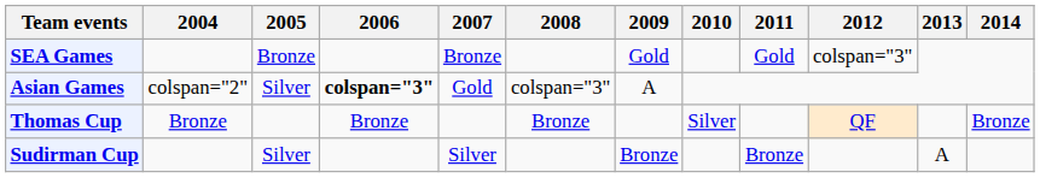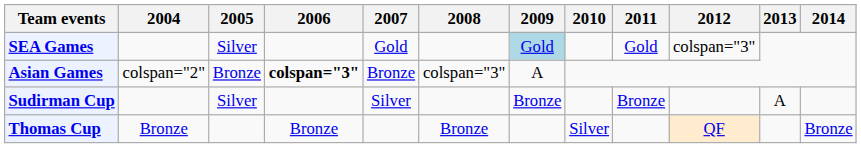 <table class="wikitable" style="font-size: 90%; text-align:center">
 <tr>
 <th>Team events</th>
 <th>2004</th>
 <th>2005</th>
 <th>2006</th>
 <th>2007</th>
 <th>2008</th>
 <th>2009</th>
 <th>2010</th>
 <th>2011</th>
 <th>2012</th>
 <th>2013</th>
 <th>2014</th>
 </tr>
 <tr>
 <td bgcolor="#ECF2FF"; align="left"><strong><a href='#'>SEA Games</a></strong></td>
 <td></td>
-<td> <a href='#'>Bronze</a></td>
-<td></td>
-<td> <a href='#'>Bronze</a></td>
+<td> <a href='#'>Silver</a></td>
 <td></td>
 <td> <a href='#'>Gold</a></td>
+<td></td>
+<td style="background: lightblue;"> <a href='#'>Gold</a></td>
 <td></td>
 <td> <a href='#'>Gold</a></td>
 <td>colspan="3" </td>
 </tr>
 <tr>
 <td bgcolor="#ECF2FF"; align="left"><strong><a href='#'>Asian Games</a></strong></td>
 <td>colspan="2" </td>
-<td> <a href='#'>Silver</a></td>
+<td> <a href='#'>Bronze</a></td>
 <td><strong>colspan="3" </strong></td>
-<td> <a href='#'>Gold</a></td>
+<td> <a href='#'>Bronze</a></td>
 <td>colspan="3" </td>
 <td>A</td>
+</tr>
+<tr>
+<td bgcolor="#ECF2FF"; align="left"><strong><a href='#'>Sudirman Cup</a></strong></td>
+<td></td>
+<td> <a href='#'>Silver</a></td>
+<td></td>
+<td> <a href='#'>Silver</a></td>
+<td></td>
+<td> <a href='#'>Bronze</a></td>
+<td></td>
+<td> <a href='#'>Bronze</a></td>
+<td></td>
+<td>A</td>
+<td></td>
 </tr>
 <tr>
 <td bgcolor="#ECF2FF"; align="left"><strong><a href='#'>Thomas Cup</a></strong></td>
 <td> <a href='#'>Bronze</a></td>
 <td></td>
 <td> <a href='#'>Bronze</a></td>
 <td></td>
 <td> <a href='#'>Bronze</a></td>
 <td></td>
 <td> <a href='#'>Silver</a></td>
 <td></td>
 <td bgcolor=FFEBCD><a href='#'>QF</a></td>
 <td></td>
 <td> <a href='#'>Bronze</a></td>
 </tr>
-<tr>
-<td bgcolor="#ECF2FF"; align="left"><strong><a href='#'>Sudirman Cup</a></strong></td>
-<td></td>
-<td> <a href='#'>Silver</a></td>
-<td></td>
-<td> <a href='#'>Silver</a></td>
-<td></td>
-<td> <a href='#'>Bronze</a></td>
-<td></td>
-<td> <a href='#'>Bronze</a></td>
-<td></td>
-<td>A</td>
-<td></td>
-</tr>
 </table>
